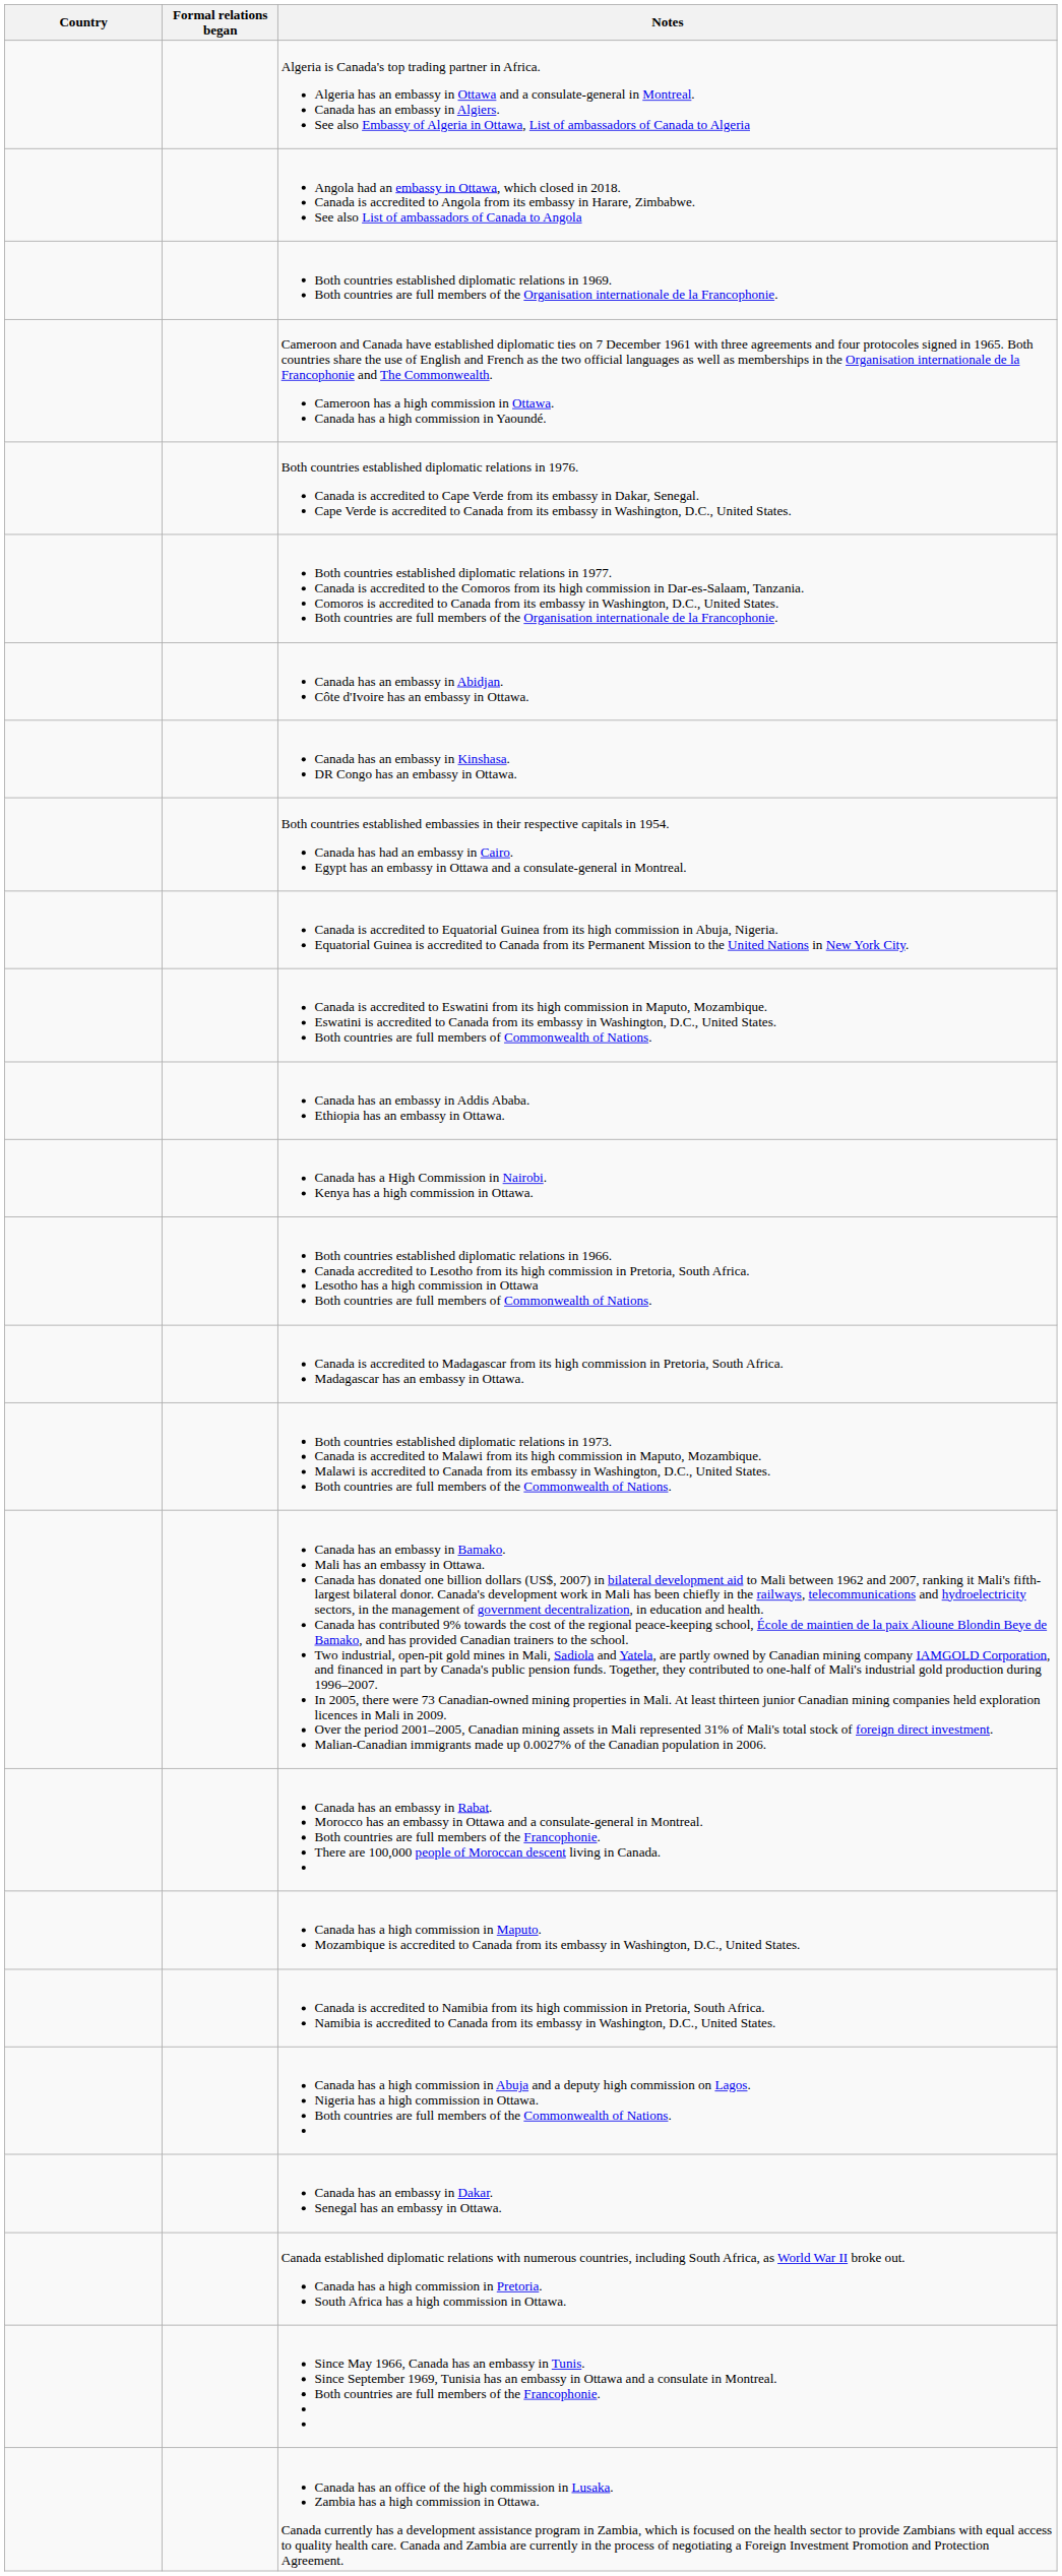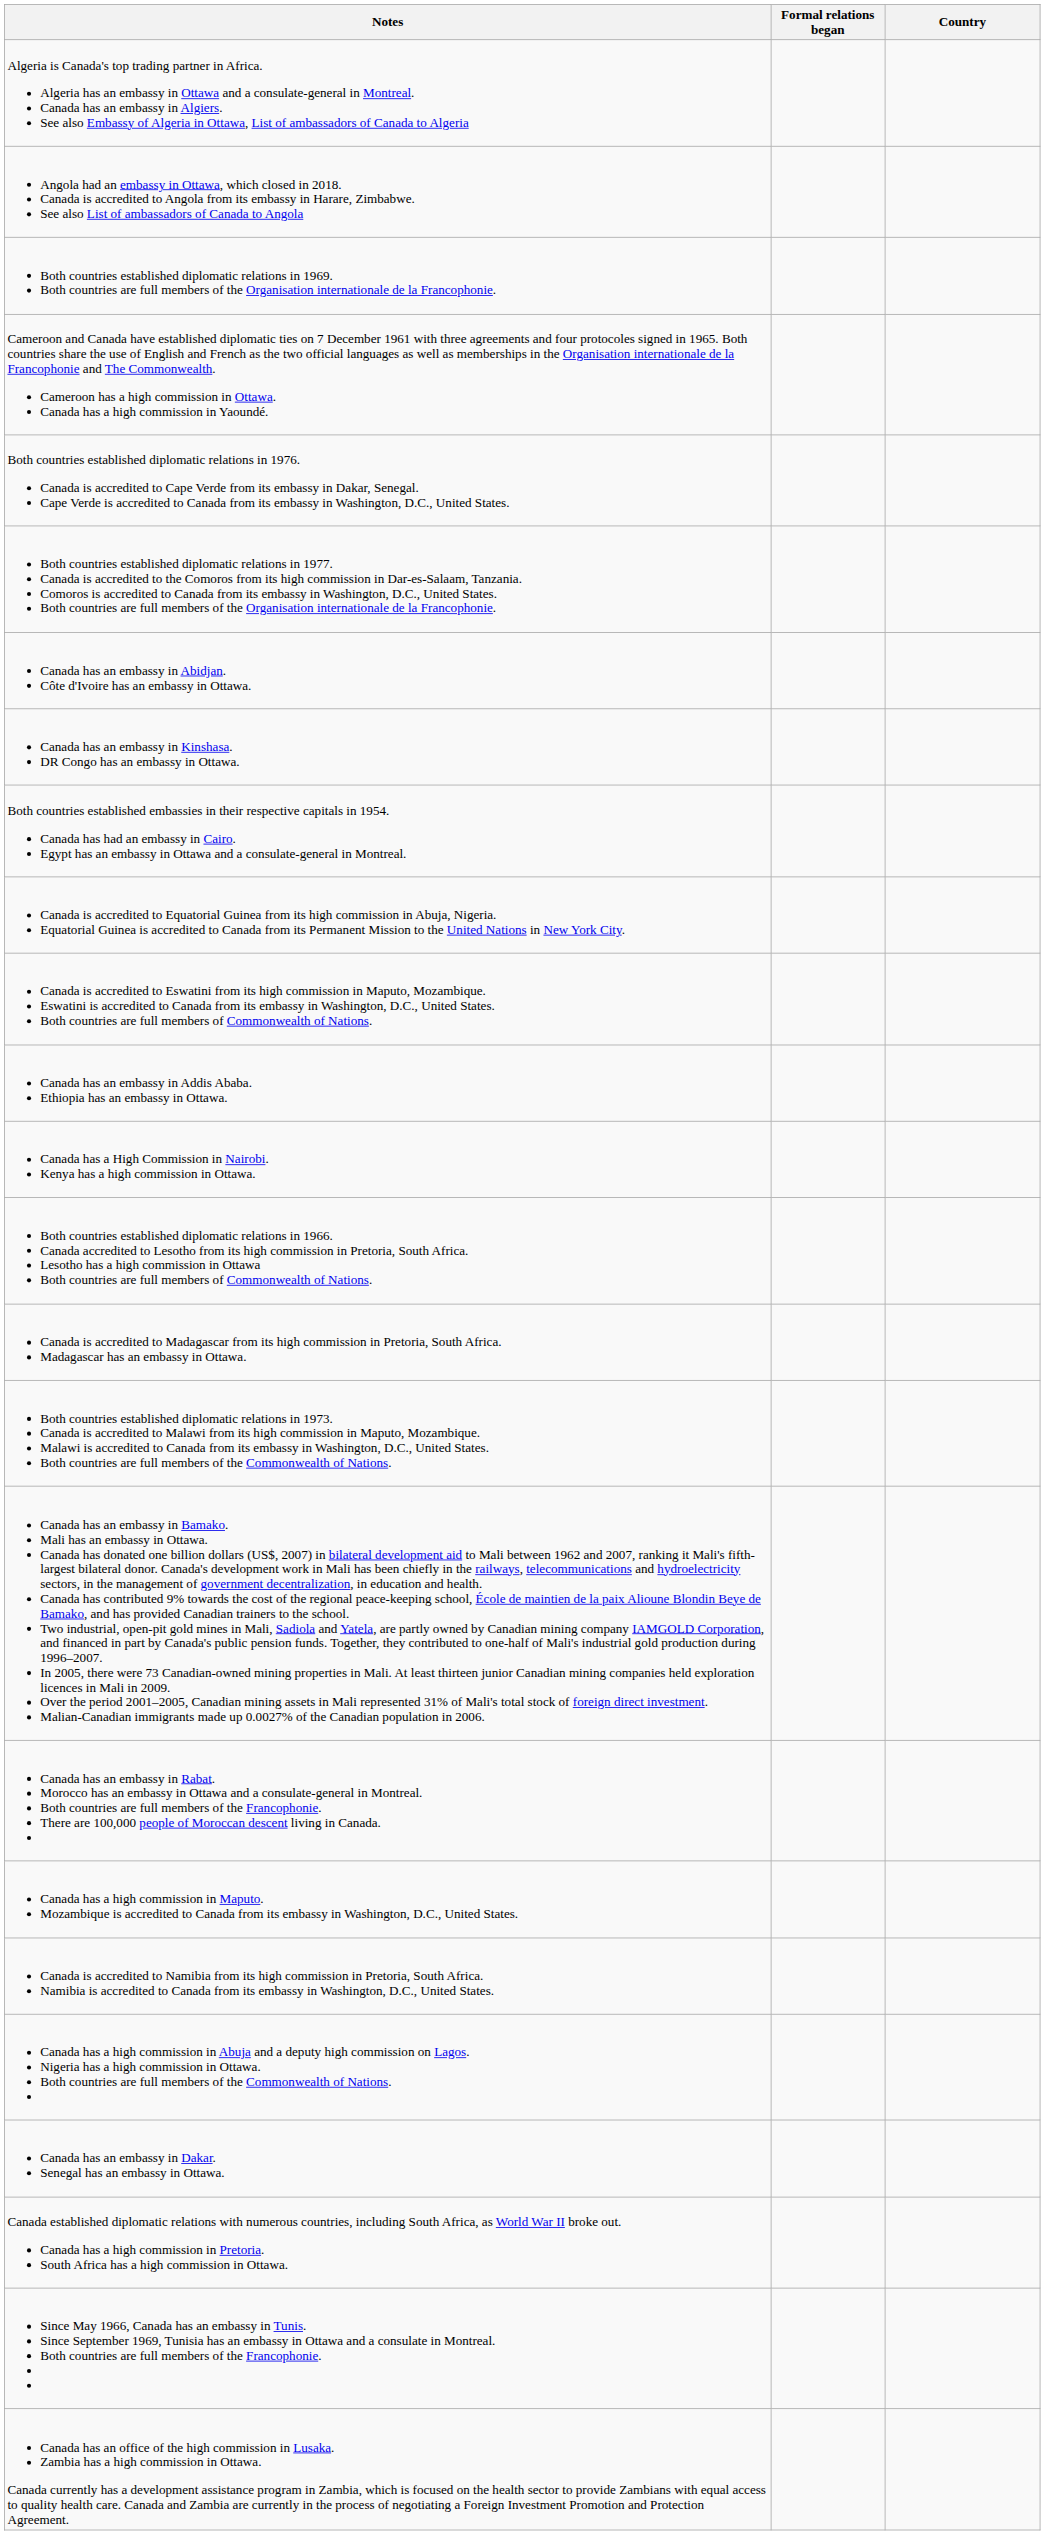 <table class="wikitable sortable" style="width:100%; margin:auto;">
 <tr>
+<th style="width:74%;">Notes</th>
+<th style="width:11%;">Formal relations began</th>
 <th style="width:15%;">Country</th>
-<th style="width:11%;">Formal relations began</th>
-<th style="width:74%;">Notes</th>
 </tr>
 <tr valign="top">
+<td><br>Algeria is Canada's top trading partner in Africa.<ul><li>Algeria has an embassy in <a href='#'>Ottawa</a> and a consulate-general in <a href='#'>Montreal</a>.</li><li>Canada has an embassy in <a href='#'>Algiers</a>.</li><li>See also <a href='#'>Embassy of Algeria in Ottawa</a>, <a href='#'>List of ambassadors of Canada to Algeria</a></li></ul></td>
 <td></td>
 <td></td>
-<td><br>Algeria is Canada's top trading partner in Africa.<ul><li>Algeria has an embassy in <a href='#'>Ottawa</a> and a consulate-general in <a href='#'>Montreal</a>.</li><li>Canada has an embassy in <a href='#'>Algiers</a>.</li><li>See also <a href='#'>Embassy of Algeria in Ottawa</a>, <a href='#'>List of ambassadors of Canada to Algeria</a></li></ul></td>
 </tr>
 <tr valign="top">
+<td><br><ul><li>Angola had an <a href='#'>embassy in Ottawa</a>, which closed in 2018.</li><li>Canada is accredited to Angola from its embassy in Harare, Zimbabwe.</li><li>See also <a href='#'>List of ambassadors of Canada to Angola</a></li></ul></td>
 <td></td>
 <td></td>
-<td><br><ul><li>Angola had an <a href='#'>embassy in Ottawa</a>, which closed in 2018.</li><li>Canada is accredited to Angola from its embassy in Harare, Zimbabwe.</li><li>See also <a href='#'>List of ambassadors of Canada to Angola</a></li></ul></td>
 </tr>
 <tr valign="top">
+<td><br><ul><li>Both countries established diplomatic relations in 1969.</li><li>Both countries are full members of the <a href='#'>Organisation internationale de la Francophonie</a>.</li></ul></td>
 <td></td>
 <td></td>
-<td><br><ul><li>Both countries established diplomatic relations in 1969.</li><li>Both countries are full members of the <a href='#'>Organisation internationale de la Francophonie</a>.</li></ul></td>
 </tr>
 <tr valign="top">
+<td><br>Cameroon and Canada have established diplomatic ties on 7 December 1961 with three agreements and four protocoles signed in 1965. Both countries share the use of English and French as the two official languages as well as memberships in the <a href='#'>Organisation internationale de la Francophonie</a> and <a href='#'>The Commonwealth</a>.<ul><li>Cameroon has a high commission in <a href='#'>Ottawa</a>.</li><li>Canada has a high commission in Yaoundé.</li></ul></td>
 <td></td>
 <td></td>
-<td><br>Cameroon and Canada have established diplomatic ties on 7 December 1961 with three agreements and four protocoles signed in 1965. Both countries share the use of English and French as the two official languages as well as memberships in the <a href='#'>Organisation internationale de la Francophonie</a> and <a href='#'>The Commonwealth</a>.<ul><li>Cameroon has a high commission in <a href='#'>Ottawa</a>.</li><li>Canada has a high commission in Yaoundé.</li></ul></td>
 </tr>
 <tr valign="top">
+<td><br>Both countries established diplomatic relations in 1976.<ul><li>Canada is accredited to Cape Verde from its embassy in Dakar, Senegal.</li><li>Cape Verde is accredited to Canada from its embassy in Washington, D.C., United States.</li></ul></td>
 <td></td>
 <td></td>
-<td><br>Both countries established diplomatic relations in 1976.<ul><li>Canada is accredited to Cape Verde from its embassy in Dakar, Senegal.</li><li>Cape Verde is accredited to Canada from its embassy in Washington, D.C., United States.</li></ul></td>
 </tr>
 <tr valign="top">
+<td><br><ul><li>Both countries established diplomatic relations in 1977.</li><li>Canada is accredited to the Comoros from its high commission in Dar-es-Salaam, Tanzania.</li><li>Comoros is accredited to Canada from its embassy in Washington, D.C., United States.</li><li>Both countries are full members of the <a href='#'>Organisation internationale de la Francophonie</a>.</li></ul></td>
 <td></td>
 <td></td>
-<td><br><ul><li>Both countries established diplomatic relations in 1977.</li><li>Canada is accredited to the Comoros from its high commission in Dar-es-Salaam, Tanzania.</li><li>Comoros is accredited to Canada from its embassy in Washington, D.C., United States.</li><li>Both countries are full members of the <a href='#'>Organisation internationale de la Francophonie</a>.</li></ul></td>
 </tr>
 <tr valign="top">
+<td><br><ul><li>Canada has an embassy in <a href='#'>Abidjan</a>.</li><li>Côte d'Ivoire has an embassy in Ottawa.</li></ul></td>
 <td></td>
 <td></td>
-<td><br><ul><li>Canada has an embassy in <a href='#'>Abidjan</a>.</li><li>Côte d'Ivoire has an embassy in Ottawa.</li></ul></td>
 </tr>
 <tr valign="top">
+<td><br><ul><li>Canada has an embassy in <a href='#'>Kinshasa</a>.</li><li>DR Congo has an embassy in Ottawa.</li></ul></td>
 <td></td>
 <td></td>
-<td><br><ul><li>Canada has an embassy in <a href='#'>Kinshasa</a>.</li><li>DR Congo has an embassy in Ottawa.</li></ul></td>
 </tr>
 <tr valign="top">
+<td><br>Both countries established embassies in their respective capitals in 1954.<ul><li>Canada has had an embassy in <a href='#'>Cairo</a>.</li><li>Egypt has an embassy in Ottawa and a consulate-general in Montreal.</li></ul></td>
 <td></td>
 <td></td>
-<td><br>Both countries established embassies in their respective capitals in 1954.<ul><li>Canada has had an embassy in <a href='#'>Cairo</a>.</li><li>Egypt has an embassy in Ottawa and a consulate-general in Montreal.</li></ul></td>
 </tr>
 <tr valign="top">
+<td><br><ul><li>Canada is accredited to Equatorial Guinea from its high commission in Abuja, Nigeria.</li><li>Equatorial Guinea is accredited to Canada from its Permanent Mission to the <a href='#'>United Nations</a> in <a href='#'>New York City</a>.</li></ul></td>
 <td></td>
 <td></td>
-<td><br><ul><li>Canada is accredited to Equatorial Guinea from its high commission in Abuja, Nigeria.</li><li>Equatorial Guinea is accredited to Canada from its Permanent Mission to the <a href='#'>United Nations</a> in <a href='#'>New York City</a>.</li></ul></td>
 </tr>
 <tr valign="top">
+<td><br><ul><li>Canada is accredited to Eswatini from its high commission in Maputo, Mozambique.</li><li>Eswatini is accredited to Canada from its embassy in Washington, D.C., United States.</li><li>Both countries are full members of <a href='#'>Commonwealth of Nations</a>.</li></ul></td>
 <td></td>
 <td></td>
-<td><br><ul><li>Canada is accredited to Eswatini from its high commission in Maputo, Mozambique.</li><li>Eswatini is accredited to Canada from its embassy in Washington, D.C., United States.</li><li>Both countries are full members of <a href='#'>Commonwealth of Nations</a>.</li></ul></td>
 </tr>
 <tr valign="top">
+<td><br><ul><li>Canada has an embassy in Addis Ababa.</li><li>Ethiopia has an embassy in Ottawa.</li></ul></td>
 <td></td>
 <td></td>
-<td><br><ul><li>Canada has an embassy in Addis Ababa.</li><li>Ethiopia has an embassy in Ottawa.</li></ul></td>
 </tr>
 <tr valign="top">
+<td><br><ul><li>Canada has a High Commission in <a href='#'>Nairobi</a>.</li><li>Kenya has a high commission in Ottawa.</li></ul></td>
 <td></td>
 <td></td>
-<td><br><ul><li>Canada has a High Commission in <a href='#'>Nairobi</a>.</li><li>Kenya has a high commission in Ottawa.</li></ul></td>
 </tr>
 <tr valign="top">
+<td><br><ul><li>Both countries established diplomatic relations in 1966.</li><li>Canada accredited to Lesotho from its high commission in Pretoria, South Africa.</li><li>Lesotho has a high commission in Ottawa</li><li>Both countries are full members of <a href='#'>Commonwealth of Nations</a>.</li></ul></td>
 <td></td>
 <td></td>
-<td><br><ul><li>Both countries established diplomatic relations in 1966.</li><li>Canada accredited to Lesotho from its high commission in Pretoria, South Africa.</li><li>Lesotho has a high commission in Ottawa</li><li>Both countries are full members of <a href='#'>Commonwealth of Nations</a>.</li></ul></td>
 </tr>
 <tr valign="top">
+<td><br><ul><li>Canada is accredited to Madagascar from its high commission in Pretoria, South Africa.</li><li>Madagascar has an embassy in Ottawa.</li></ul></td>
 <td></td>
 <td></td>
-<td><br><ul><li>Canada is accredited to Madagascar from its high commission in Pretoria, South Africa.</li><li>Madagascar has an embassy in Ottawa.</li></ul></td>
 </tr>
 <tr valign="top">
+<td><br><ul><li>Both countries established diplomatic relations in 1973.</li><li>Canada is accredited to Malawi from its high commission in Maputo, Mozambique.</li><li>Malawi is accredited to Canada from its embassy in Washington, D.C., United States.</li><li>Both countries are full members of the <a href='#'>Commonwealth of Nations</a>.</li></ul></td>
 <td></td>
 <td></td>
-<td><br><ul><li>Both countries established diplomatic relations in 1973.</li><li>Canada is accredited to Malawi from its high commission in Maputo, Mozambique.</li><li>Malawi is accredited to Canada from its embassy in Washington, D.C., United States.</li><li>Both countries are full members of the <a href='#'>Commonwealth of Nations</a>.</li></ul></td>
 </tr>
 <tr valign="top">
+<td><br><ul><li>Canada has an embassy in <a href='#'>Bamako</a>.</li><li>Mali has an embassy in Ottawa.</li><li>Canada has donated one billion dollars (US$, 2007) in <a href='#'>bilateral development aid</a> to Mali between 1962 and 2007, ranking it Mali's fifth-largest bilateral donor.  Canada's development work in Mali has been chiefly in the <a href='#'>railways</a>, <a href='#'>telecommunications</a> and <a href='#'>hydroelectricity</a> sectors, in the management of <a href='#'>government decentralization</a>, in education and health.</li><li>Canada has contributed 9% towards the cost of the regional peace-keeping school, <a href='#'>École de maintien de la paix Alioune Blondin Beye de Bamako</a>, and has provided Canadian trainers to the school.</li><li>Two industrial, open-pit gold mines in Mali, <a href='#'>Sadiola</a> and <a href='#'>Yatela</a>, are partly owned by Canadian mining company <a href='#'>IAMGOLD Corporation</a>, and financed in part by Canada's public pension funds. Together, they contributed to one-half of Mali's industrial gold production during 1996–2007.</li><li>In 2005, there were 73 Canadian-owned mining properties in Mali.  At least thirteen junior Canadian mining companies held exploration licences in Mali in 2009.</li><li>Over the period 2001–2005, Canadian mining assets in Mali represented 31% of Mali's total stock of <a href='#'>foreign direct investment</a>.</li><li>Malian-Canadian immigrants made up 0.0027% of the Canadian population in 2006.</li></ul></td>
 <td></td>
 <td></td>
-<td><br><ul><li>Canada has an embassy in <a href='#'>Bamako</a>.</li><li>Mali has an embassy in Ottawa.</li><li>Canada has donated one billion dollars (US$, 2007) in <a href='#'>bilateral development aid</a> to Mali between 1962 and 2007, ranking it Mali's fifth-largest bilateral donor.  Canada's development work in Mali has been chiefly in the <a href='#'>railways</a>, <a href='#'>telecommunications</a> and <a href='#'>hydroelectricity</a> sectors, in the management of <a href='#'>government decentralization</a>, in education and health.</li><li>Canada has contributed 9% towards the cost of the regional peace-keeping school, <a href='#'>École de maintien de la paix Alioune Blondin Beye de Bamako</a>, and has provided Canadian trainers to the school.</li><li>Two industrial, open-pit gold mines in Mali, <a href='#'>Sadiola</a> and <a href='#'>Yatela</a>, are partly owned by Canadian mining company <a href='#'>IAMGOLD Corporation</a>, and financed in part by Canada's public pension funds. Together, they contributed to one-half of Mali's industrial gold production during 1996–2007.</li><li>In 2005, there were 73 Canadian-owned mining properties in Mali.  At least thirteen junior Canadian mining companies held exploration licences in Mali in 2009.</li><li>Over the period 2001–2005, Canadian mining assets in Mali represented 31% of Mali's total stock of <a href='#'>foreign direct investment</a>.</li><li>Malian-Canadian immigrants made up 0.0027% of the Canadian population in 2006.</li></ul></td>
 </tr>
 <tr valign="top">
+<td><br><ul><li>Canada has an embassy in <a href='#'>Rabat</a>.</li><li>Morocco has an embassy in Ottawa and a consulate-general in Montreal.</li><li>Both countries are full members of the <a href='#'>Francophonie</a>.</li><li>There are 100,000 <a href='#'>people of Moroccan descent</a> living in Canada.</li><li></li></ul></td>
 <td></td>
 <td></td>
-<td><br><ul><li>Canada has an embassy in <a href='#'>Rabat</a>.</li><li>Morocco has an embassy in Ottawa and a consulate-general in Montreal.</li><li>Both countries are full members of the <a href='#'>Francophonie</a>.</li><li>There are 100,000 <a href='#'>people of Moroccan descent</a> living in Canada.</li><li></li></ul></td>
 </tr>
 <tr valign="top">
+<td><br><ul><li>Canada has a high commission in <a href='#'>Maputo</a>.</li><li>Mozambique is accredited to Canada from its embassy in Washington, D.C., United States.</li></ul></td>
 <td></td>
 <td></td>
-<td><br><ul><li>Canada has a high commission in <a href='#'>Maputo</a>.</li><li>Mozambique is accredited to Canada from its embassy in Washington, D.C., United States.</li></ul></td>
 </tr>
 <tr valign="top">
+<td><br><ul><li>Canada is accredited to Namibia from its high commission in Pretoria, South Africa.</li><li>Namibia is accredited to Canada from its embassy in Washington, D.C., United States.</li></ul></td>
 <td></td>
 <td></td>
-<td><br><ul><li>Canada is accredited to Namibia from its high commission in Pretoria, South Africa.</li><li>Namibia is accredited to Canada from its embassy in Washington, D.C., United States.</li></ul></td>
 </tr>
 <tr valign="top">
+<td><br><ul><li>Canada has a high commission in <a href='#'>Abuja</a> and a deputy high commission on <a href='#'>Lagos</a>.</li><li>Nigeria has a high commission in Ottawa.</li><li>Both countries are full members of the <a href='#'>Commonwealth of Nations</a>.</li><li></li></ul></td>
 <td></td>
 <td></td>
-<td><br><ul><li>Canada has a high commission in <a href='#'>Abuja</a> and a deputy high commission on <a href='#'>Lagos</a>.</li><li>Nigeria has a high commission in Ottawa.</li><li>Both countries are full members of the <a href='#'>Commonwealth of Nations</a>.</li><li></li></ul></td>
 </tr>
 <tr valign="top">
+<td><br><ul><li>Canada has an embassy in <a href='#'>Dakar</a>.</li><li>Senegal has an embassy in Ottawa.</li></ul></td>
 <td></td>
 <td></td>
-<td><br><ul><li>Canada has an embassy in <a href='#'>Dakar</a>.</li><li>Senegal has an embassy in Ottawa.</li></ul></td>
 </tr>
 <tr valign="top">
+<td><br>Canada established diplomatic relations with numerous countries, including South Africa, as <a href='#'>World War II</a> broke out.<ul><li>Canada has a high commission in <a href='#'>Pretoria</a>.</li><li>South Africa has a high commission in Ottawa.</li></ul></td>
 <td></td>
 <td></td>
-<td><br>Canada established diplomatic relations with numerous countries, including South Africa, as <a href='#'>World War II</a> broke out.<ul><li>Canada has a high commission in <a href='#'>Pretoria</a>.</li><li>South Africa has a high commission in Ottawa.</li></ul></td>
 </tr>
 <tr valign="top">
+<td><br><ul><li>Since May 1966, Canada has an embassy in <a href='#'>Tunis</a>.</li><li>Since September 1969, Tunisia has an embassy in Ottawa and a consulate in Montreal.</li><li>Both countries are full members of the <a href='#'>Francophonie</a>.</li><li></li><li></li></ul></td>
 <td></td>
 <td></td>
-<td><br><ul><li>Since May 1966, Canada has an embassy in <a href='#'>Tunis</a>.</li><li>Since September 1969, Tunisia has an embassy in Ottawa and a consulate in Montreal.</li><li>Both countries are full members of the <a href='#'>Francophonie</a>.</li><li></li><li></li></ul></td>
 </tr>
 <tr -valign="top">
+<td><br><ul><li>Canada has an office of the high commission in <a href='#'>Lusaka</a>.</li><li>Zambia has a high commission in Ottawa.</li></ul>Canada currently has a development assistance program in Zambia, which is focused on the health sector to provide Zambians with equal access to quality health care.  Canada and Zambia are currently in the process of negotiating a Foreign Investment Promotion and Protection Agreement.</td>
 <td></td>
 <td></td>
-<td><br><ul><li>Canada has an office of the high commission in <a href='#'>Lusaka</a>.</li><li>Zambia has a high commission in Ottawa.</li></ul>Canada currently has a development assistance program in Zambia, which is focused on the health sector to provide Zambians with equal access to quality health care.  Canada and Zambia are currently in the process of negotiating a Foreign Investment Promotion and Protection Agreement.</td>
 </tr>
 </table>
